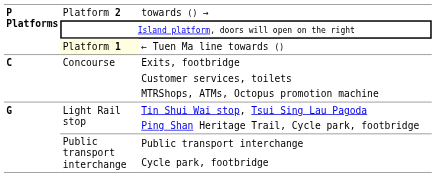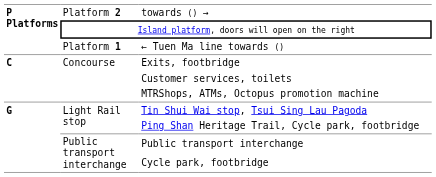 <table border=0 cellspacing=0 cellpadding=3>
 <tr>
 <td style="border-top:solid 1px gray; border-bottom:solid 1px gray;vertical-align:top;" rowspan=3><strong>P<br>Platforms</strong></td>
 <td style="border-top:solid 1px gray;width:100px;">Platform <span><strong>2</strong></span></td>
 <td style="border-top:solid 1px gray;width:390px;">  towards  <small>()</small> →</td>
 </tr>
 <tr>
 <td style="border-top:solid 2px black;border-right:solid 2px black;border-left:solid 2px black;border-bottom:solid 2px black;text-align:center;" colspan=2><small><a href='#'>Island platform</a>, doors will open on the right</small></td>
 </tr>
 <tr>
-<td style="background: lightyellow; border-bottom:solid 1px gray;">Platform <span><strong>1</strong></span></td>
+<td style="border-bottom:solid 1px gray;">Platform <span><strong>1</strong></span></td>
 <td style="border-bottom:solid 1px gray;">←  Tuen Ma line towards  <small>()</small></td>
 </tr>
 <tr>
 <td style="border-bottom:solid 1px gray;vertical-align:top;" rowspan=3><strong>C</strong></td>
 <td style="border-bottom:solid 1px gray;vertical-align:top;" rowspan=3>Concourse</td>
 <td>Exits, footbridge</td>
 </tr>
 <tr>
 <td>Customer services, toilets</td>
 </tr>
 <tr>
 <td style="border-bottom:solid 1px gray;">MTRShops, ATMs, Octopus promotion machine</td>
 </tr>
 <tr>
 <td style="border-bottom:solid 1px gray;vertical-align:top;" rowspan=4><strong>G</strong></td>
 <td style="border-bottom:solid 1px gray;vertical-align:top;" rowspan=2>Light Rail stop</td>
 <td valign=top> <a href='#'>Tin Shui Wai stop</a>, <a href='#'>Tsui Sing Lau Pagoda</a></td>
 </tr>
 <tr>
 <td style="border-bottom:solid 1px gray;"><a href='#'>Ping Shan</a> Heritage Trail, Cycle park, footbridge</td>
 </tr>
 <tr>
 <td style="border-bottom:solid 1px gray;vertical-align:top;" rowspan=2>Public transport <br>interchange</td>
 <td>Public transport interchange</td>
 </tr>
 <tr>
 <td style="border-bottom:solid 1px gray;">Cycle park, footbridge</td>
 </tr>
 </table>
